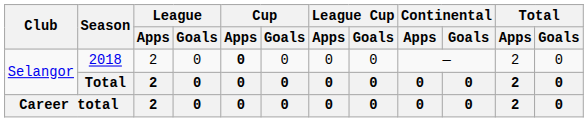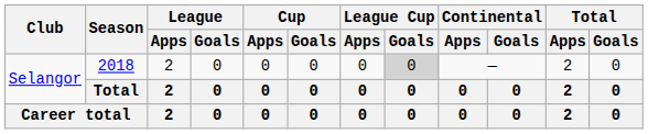 <table class="wikitable" style="text-align: center;">
 <tr>
 <th rowspan="2">Club</th>
 <th rowspan="2">Season</th>
 <th colspan="2">League</th>
 <th colspan="2">Cup</th>
 <th colspan="2">League Cup</th>
 <th colspan="2">Continental</th>
 <th colspan="2">Total</th>
 </tr>
 <tr>
 <th>Apps</th>
 <th>Goals</th>
 <th>Apps</th>
 <th>Goals</th>
 <th>Apps</th>
 <th>Goals</th>
 <th>Apps</th>
 <th>Goals</th>
 <th>Apps</th>
 <th>Goals</th>
 </tr>
 <tr>
 <td rowspan="2" valign="center"><a href='#'>Selangor</a></td>
 <td !colspan="1"><a href='#'>2018</a></td>
 <td>2</td>
 <td>0</td>
-<td><strong>0</strong></td>
 <td>0</td>
 <td>0</td>
 <td>0</td>
+<td style="background: lightgrey;">0</td>
 <td colspan=2>—</td>
 <td>2</td>
 <td>0</td>
 </tr>
 <tr>
 <th>Total</th>
 <th>2</th>
 <th>0</th>
 <th>0</th>
 <th>0</th>
 <th>0</th>
 <th>0</th>
 <th>0</th>
 <th>0</th>
 <th>2</th>
 <th>0</th>
 </tr>
 <tr>
 <th colspan="2">Career total</th>
 <th>2</th>
 <th>0</th>
 <th>0</th>
 <th>0</th>
 <th>0</th>
 <th>0</th>
 <th>0</th>
 <th>0</th>
 <th>2</th>
 <th>0</th>
 </tr>
 </table>
